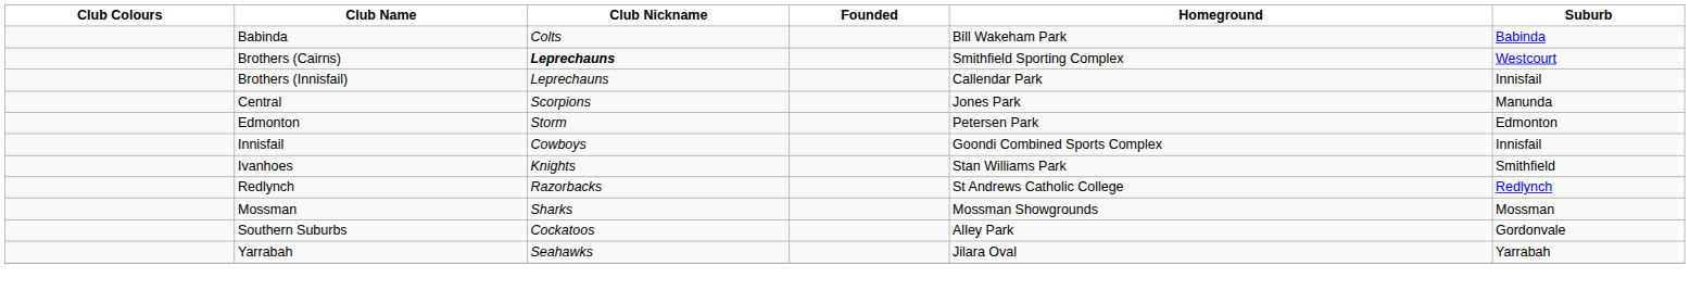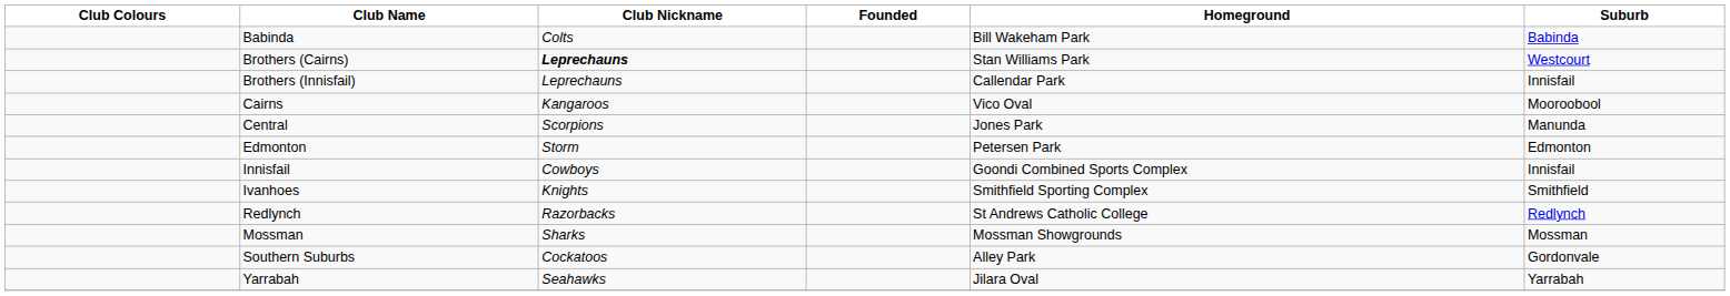 <table class="wikitable" style="width:100%; text-align:left">
 <tr>
 <th style="background:white;">Club Colours</th>
 <th style="background:white;">Club Name</th>
 <th style="background:white;">Club Nickname</th>
 <th style="background:white;">Founded</th>
 <th style="background:white;">Homeground</th>
 <th style="background:white;">Suburb</th>
 </tr>
 <tr>
 <td></td>
 <td>Babinda</td>
 <td><em>Colts</em></td>
 <td></td>
 <td>Bill Wakeham Park</td>
 <td><a href='#'>Babinda</a></td>
 </tr>
 <tr>
 <td></td>
 <td>Brothers (Cairns)</td>
 <td><strong><em>Leprechauns</em></strong></td>
 <td></td>
-<td>Smithfield Sporting Complex</td>
+<td>Stan Williams Park</td>
 <td><a href='#'>Westcourt</a></td>
 </tr>
 <tr>
 <td></td>
 <td>Brothers (Innisfail)</td>
 <td><em>Leprechauns</em></td>
 <td></td>
 <td>Callendar Park</td>
 <td>Innisfail</td>
+</tr>
+<tr>
+<td></td>
+<td>Cairns</td>
+<td><em>Kangaroos</em></td>
+<td></td>
+<td>Vico Oval</td>
+<td>Mooroobool</td>
 </tr>
 <tr>
 <td></td>
 <td>Central</td>
 <td><em>Scorpions</em></td>
 <td></td>
 <td>Jones Park</td>
 <td>Manunda</td>
 </tr>
 <tr>
 <td></td>
 <td>Edmonton</td>
 <td><em>Storm</em></td>
 <td></td>
 <td>Petersen Park</td>
 <td>Edmonton</td>
 </tr>
 <tr>
 <td></td>
 <td>Innisfail</td>
 <td><em>Cowboys</em></td>
 <td></td>
 <td>Goondi Combined Sports Complex</td>
 <td>Innisfail</td>
 </tr>
 <tr>
 <td></td>
 <td>Ivanhoes</td>
 <td><em>Knights</em></td>
 <td></td>
-<td>Stan Williams Park</td>
+<td>Smithfield Sporting Complex</td>
 <td>Smithfield</td>
 </tr>
 <tr>
 <td></td>
 <td>Redlynch</td>
 <td><em>Razorbacks</em></td>
 <td></td>
 <td>St Andrews Catholic College</td>
 <td><a href='#'>Redlynch</a></td>
 </tr>
 <tr>
 <td></td>
 <td>Mossman</td>
 <td><em>Sharks</em></td>
 <td></td>
 <td>Mossman Showgrounds</td>
 <td>Mossman</td>
 </tr>
 <tr>
 <td></td>
 <td>Southern Suburbs</td>
 <td><em>Cockatoos</em></td>
 <td></td>
 <td>Alley Park</td>
 <td>Gordonvale</td>
 </tr>
 <tr>
 <td></td>
 <td>Yarrabah</td>
 <td><em>Seahawks</em></td>
 <td></td>
 <td>Jilara Oval</td>
 <td>Yarrabah</td>
 </tr>
 <tr>
 </tr>
 </table>
